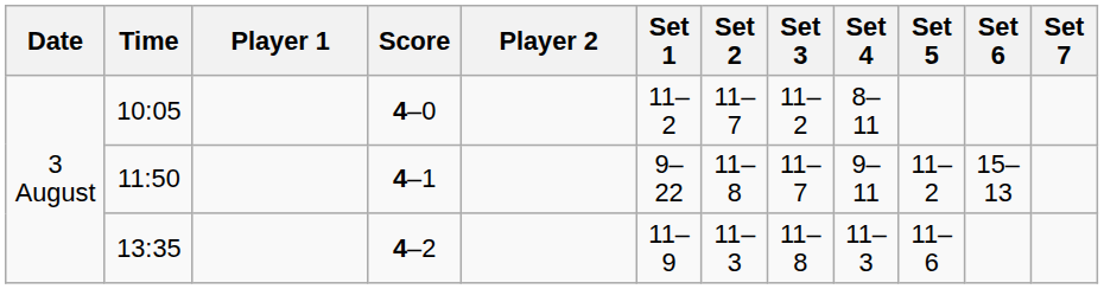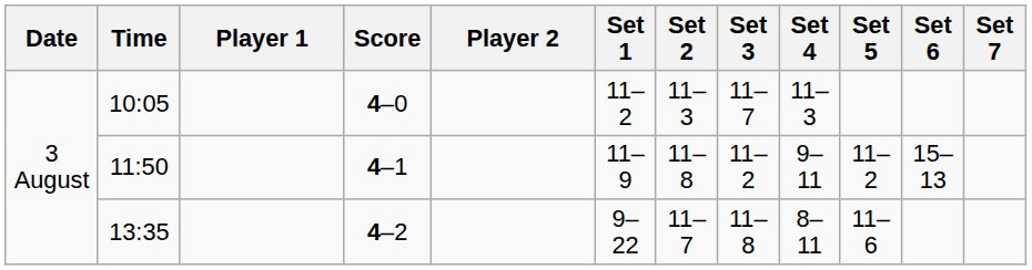 <table class="wikitable" style="text-align: center; font-size:90% ">
 <tr>
 <th width="60">Date</th>
 <th width="60">Time</th>
 <th align="right" width="230">Player 1</th>
 <th width="60">Score</th>
 <th align="left" width="230">Player 2</th>
 <th width="50">Set 1</th>
 <th width="50">Set 2</th>
 <th width="50">Set 3</th>
 <th width="50">Set 4</th>
 <th width="50">Set 5</th>
 <th width="50">Set 6</th>
 <th width="50">Set 7</th>
 </tr>
 <tr>
 <td rowspan=3>3 August</td>
 <td>10:05</td>
 <td align=left><strong></strong></td>
 <td align=center><strong>4</strong>–0</td>
 <td align=left></td>
 <td>11–2</td>
+<td>11–3</td>
 <td>11–7</td>
-<td>11–2</td>
-<td>8–11</td>
+<td>11–3</td>
 <td></td>
 <td></td>
 <td></td>
 </tr>
 <tr>
 <td>11:50</td>
 <td align=left><strong></strong></td>
 <td align=center><strong>4</strong>–1</td>
 <td align=left></td>
-<td>9–22</td>
+<td>11–9</td>
 <td>11–8</td>
-<td>11–7</td>
+<td>11–2</td>
 <td>9–11</td>
 <td>11–2</td>
 <td>15–13</td>
 <td></td>
 </tr>
 <tr>
 <td>13:35</td>
 <td align=left><strong></strong></td>
 <td align=center><strong>4</strong>–2</td>
 <td align=left></td>
-<td>11–9</td>
-<td>11–3</td>
+<td>9–22</td>
+<td>11–7</td>
 <td>11–8</td>
-<td>11–3</td>
+<td>8–11</td>
 <td>11–6</td>
 <td></td>
 <td></td>
 </tr>
 </table>
